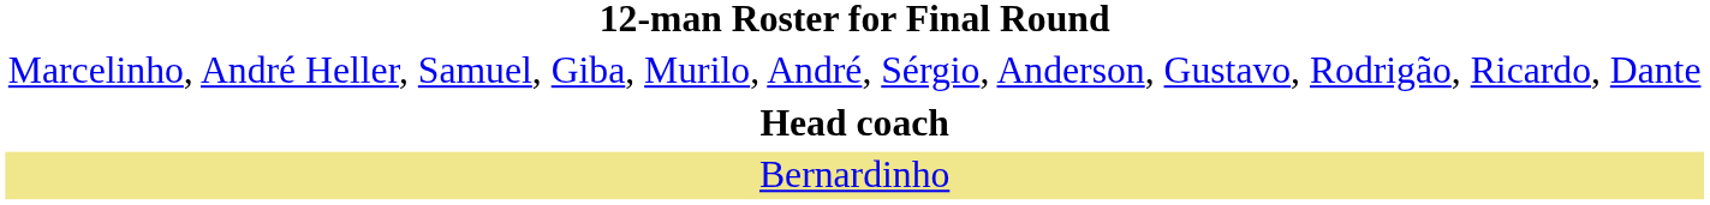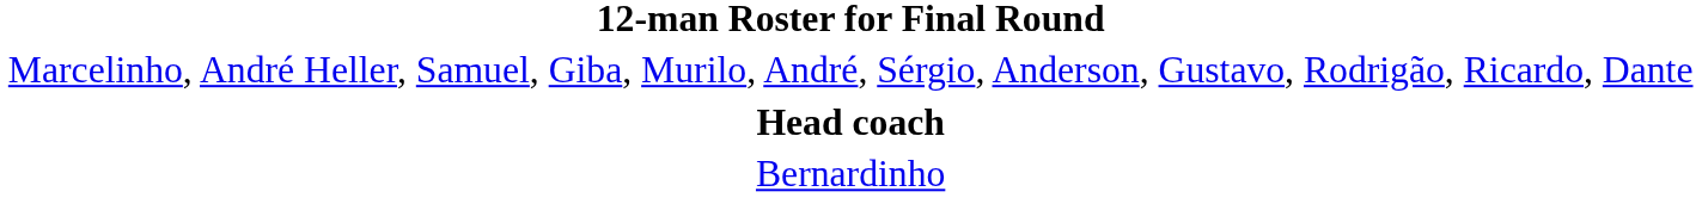 <table style="text-align: center; margin-top: 2em; margin-left: auto; margin-right: auto">
 <tr>
 <td><strong>12-man Roster for Final Round</strong></td>
 </tr>
 <tr>
 <td><a href='#'>Marcelinho</a>, <a href='#'>André Heller</a>, <a href='#'>Samuel</a>, <a href='#'>Giba</a>, <a href='#'>Murilo</a>, <a href='#'>André</a>, <a href='#'>Sérgio</a>, <a href='#'>Anderson</a>, <a href='#'>Gustavo</a>, <a href='#'>Rodrigão</a>, <a href='#'>Ricardo</a>, <a href='#'>Dante</a></td>
 </tr>
 <tr>
 <td><strong>Head coach</strong></td>
 </tr>
 <tr>
-<td style="background: khaki;"><a href='#'>Bernardinho</a></td>
+<td><a href='#'>Bernardinho</a></td>
 </tr>
 </table>
